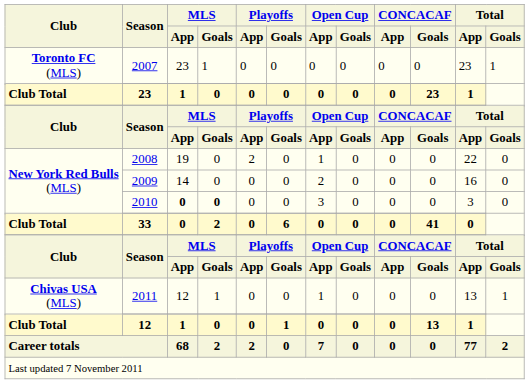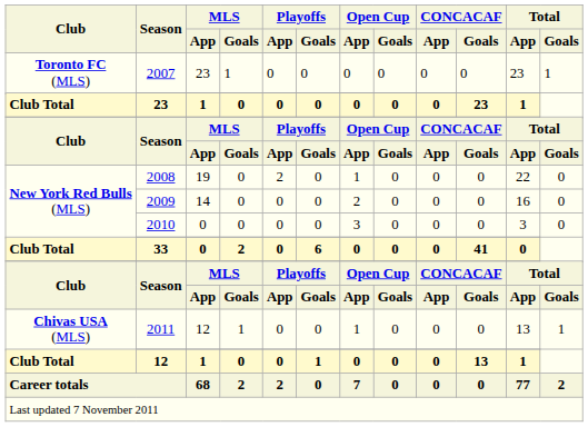 <table border=1 align=center cellpadding=4 cellspacing=2 style="background: ivory; border: 1px #aaaaaa solid; border-collapse: collapse; clear:center">
 <tr style="background:beige">
 <th rowspan="2">Club</th>
 <th rowspan="2">Season</th>
 <th colspan="2"><a href='#'>MLS</a></th>
 <th colspan="2"><a href='#'>Playoffs</a></th>
 <th colspan="2"><a href='#'>Open Cup</a></th>
 <th colspan="2"><a href='#'>CONCACAF</a></th>
 <th colspan="2">Total</th>
 </tr>
 <tr style="background:beige">
 <th>App</th>
 <th>Goals</th>
 <th>App</th>
 <th>Goals</th>
 <th>App</th>
 <th>Goals</th>
 <th>App</th>
 <th>Goals</th>
 <th>App</th>
 <th>Goals</th>
 </tr>
 <tr>
 <td rowspan="2" align=center valign=center><strong><a href='#'>Toronto FC</a></strong><br>(<a href='#'>MLS</a>)</td>
 <td align="center"><a href='#'>2007</a></td>
 <td align="center">23</td>
 <td>1</td>
 <td>0</td>
 <td>0</td>
 <td>0</td>
 <td>0</td>
 <td>0</td>
 <td>0</td>
 <td>23</td>
 <td>1</td>
 </tr>
 <tr>
 </tr>
 <tr style="background:lemonchiffon">
 <th colspan="1" align="left">Club Total</th>
 <th>23</th>
 <th>1</th>
 <th>0</th>
 <th>0</th>
 <th>0</th>
 <th>0</th>
 <th>0</th>
 <th>0</th>
 <th>23</th>
 <th>1</th>
 </tr>
 <tr>
 </tr>
 <tr style="background:beige">
 <th rowspan="2">Club</th>
 <th rowspan="2">Season</th>
 <th colspan="2"><a href='#'>MLS</a></th>
 <th colspan="2"><a href='#'>Playoffs</a></th>
 <th colspan="2"><a href='#'>Open Cup</a></th>
 <th colspan="2"><a href='#'>CONCACAF</a></th>
 <th colspan="2">Total</th>
 </tr>
 <tr style="background:beige">
 <th>App</th>
 <th>Goals</th>
 <th>App</th>
 <th>Goals</th>
 <th>App</th>
 <th>Goals</th>
 <th>App</th>
 <th>Goals</th>
 <th>App</th>
 <th>Goals</th>
 </tr>
 <tr>
 <td rowspan="4" align=center valign=center><strong><a href='#'>New York Red Bulls</a></strong><br>(<a href='#'>MLS</a>)</td>
 <td align="center"><a href='#'>2008</a></td>
 <td align="center">19</td>
 <td align="center">0</td>
 <td align="center">2</td>
 <td align="center">0</td>
 <td align="center">1</td>
 <td align="center">0</td>
 <td align="center">0</td>
 <td align="center">0</td>
 <td align="center">22</td>
 <td align="center">0</td>
 </tr>
 <tr>
 <td align="center"><a href='#'>2009</a></td>
 <td align="center">14</td>
 <td align="center">0</td>
 <td align="center">0</td>
 <td align="center">0</td>
 <td align="center">2</td>
 <td align="center">0</td>
 <td align="center">0</td>
 <td align="center">0</td>
 <td align="center">16</td>
 <td align="center">0</td>
 </tr>
 <tr>
 <td align="center"><a href='#'>2010</a></td>
-<td align="center"><strong>0</strong></td>
-<td align="center"><strong>0</strong></td>
+<td align="center">0</td>
+<td align="center">0</td>
 <td align="center">0</td>
 <td align="center">0</td>
 <td align="center">3</td>
 <td align="center">0</td>
 <td align="center">0</td>
 <td align="center">0</td>
 <td align="center">3</td>
 <td align="center">0</td>
 </tr>
 <tr>
 </tr>
 <tr style="background:lemonchiffon">
 <th colspan="1" align="left">Club Total</th>
 <th>33</th>
 <th>0</th>
 <th>2</th>
 <th>0</th>
 <th>6</th>
 <th>0</th>
 <th>0</th>
 <th>0</th>
 <th>41</th>
 <th>0</th>
 </tr>
 <tr>
 </tr>
 <tr style="background:beige">
 <th rowspan="2">Club</th>
 <th rowspan="2">Season</th>
 <th colspan="2"><a href='#'>MLS</a></th>
 <th colspan="2"><a href='#'>Playoffs</a></th>
 <th colspan="2"><a href='#'>Open Cup</a></th>
 <th colspan="2"><a href='#'>CONCACAF</a></th>
 <th colspan="2">Total</th>
 </tr>
 <tr style="background:beige">
 <th>App</th>
 <th>Goals</th>
 <th>App</th>
 <th>Goals</th>
 <th>App</th>
 <th>Goals</th>
 <th>App</th>
 <th>Goals</th>
 <th>App</th>
 <th>Goals</th>
 </tr>
 <tr>
 <td rowspan="2" align=center valign=center><strong><a href='#'>Chivas USA</a></strong><br>(<a href='#'>MLS</a>)</td>
 <td align="center"><a href='#'>2011</a></td>
 <td align="center">12</td>
 <td align="center">1</td>
 <td align="center">0</td>
 <td align="center">0</td>
 <td align="center">1</td>
 <td align="center">0</td>
 <td align="center">0</td>
 <td align="center">0</td>
 <td align="center">13</td>
 <td align="center">1</td>
 </tr>
 <tr>
 </tr>
 <tr style="background:lemonchiffon">
 <th colspan="1" align="left">Club Total</th>
 <th>12</th>
 <th>1</th>
 <th>0</th>
 <th>0</th>
 <th>1</th>
 <th>0</th>
 <th>0</th>
 <th>0</th>
 <th>13</th>
 <th>1</th>
 </tr>
 <tr>
 <th style="background:beige" colspan="2" align="left">Career totals</th>
 <th align=center style="background:beige">68</th>
 <th align=center style="background:beige">2</th>
 <th align=center style="background:beige">2</th>
 <th align=center style="background:beige">0</th>
 <th align=center style="background:beige">7</th>
 <th align=center style="background:beige">0</th>
 <th align=center style="background:beige">0</th>
 <th align=center style="background:beige">0</th>
 <th align=center style="background:beige">77</th>
 <th align=center style="background:beige">2</th>
 </tr>
 <tr>
 <td colspan="12"><small>Last updated 7 November 2011</small></td>
 </tr>
 </table>
